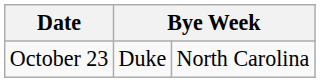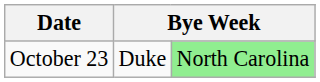 <table class="wikitable" style="font-size:95%;">
 <tr>
 <th>Date</th>
 <th colspan="3">Bye Week</th>
 </tr>
 <tr>
 <td>October 23</td>
 <td>Duke</td>
-<td>North Carolina</td>
+<td style="background: lightgreen;">North Carolina</td>
 </tr>
 </table>
